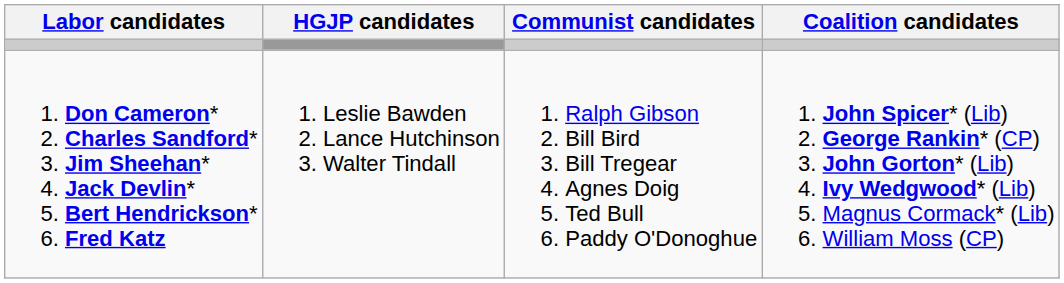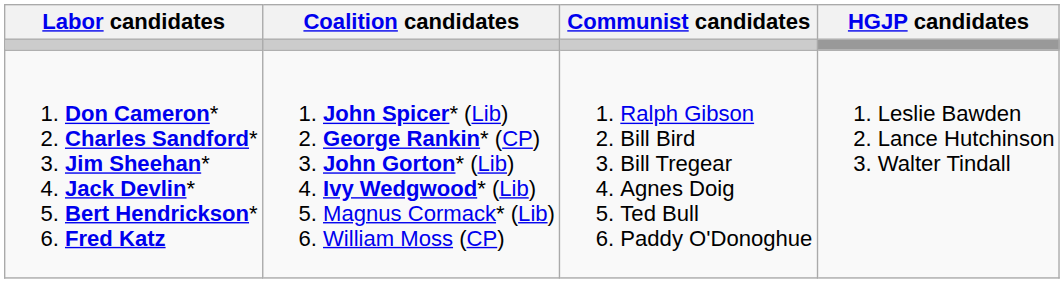 <table class="wikitable">
 <tr>
 <th><a href='#'>Labor</a> candidates</th>
+<th><a href='#'>Coalition</a> candidates</th>
+<th><a href='#'>Communist</a> candidates</th>
 <th><a href='#'>HGJP</a> candidates</th>
-<th><a href='#'>Communist</a> candidates</th>
-<th><a href='#'>Coalition</a> candidates</th>
 </tr>
 <tr bgcolor="#cccccc">
 <td></td>
-<td bgcolor="#999999"></td>
 <td></td>
 <td></td>
+<td bgcolor="#999999"></td>
 </tr>
 <tr>
 <td><br><ol><li><strong><a href='#'>Don Cameron</a></strong>*</li><li><strong><a href='#'>Charles Sandford</a></strong>*</li><li><strong><a href='#'>Jim Sheehan</a></strong>*</li><li><strong><a href='#'>Jack Devlin</a></strong>*</li><li><strong><a href='#'>Bert Hendrickson</a></strong>*</li><li><strong><a href='#'>Fred Katz</a></strong></li></ol></td>
+<td><br><ol><li><strong><a href='#'>John Spicer</a></strong>* (<a href='#'>Lib</a>)</li><li><strong><a href='#'>George Rankin</a></strong>* (<a href='#'>CP</a>)</li><li><strong><a href='#'>John Gorton</a></strong>* (<a href='#'>Lib</a>)</li><li><strong><a href='#'>Ivy Wedgwood</a></strong>* (<a href='#'>Lib</a>)</li><li><a href='#'>Magnus Cormack</a>* (<a href='#'>Lib</a>)</li><li><a href='#'>William Moss</a> (<a href='#'>CP</a>)</li></ol></td>
+<td valign=top><br><ol><li><a href='#'>Ralph Gibson</a></li><li>Bill Bird</li><li>Bill Tregear</li><li>Agnes Doig</li><li>Ted Bull</li><li>Paddy O'Donoghue</li></ol></td>
 <td valign=top><br><ol><li>Leslie Bawden</li><li>Lance Hutchinson</li><li>Walter Tindall</li></ol></td>
-<td valign=top><br><ol><li><a href='#'>Ralph Gibson</a></li><li>Bill Bird</li><li>Bill Tregear</li><li>Agnes Doig</li><li>Ted Bull</li><li>Paddy O'Donoghue</li></ol></td>
-<td><br><ol><li><strong><a href='#'>John Spicer</a></strong>* (<a href='#'>Lib</a>)</li><li><strong><a href='#'>George Rankin</a></strong>* (<a href='#'>CP</a>)</li><li><strong><a href='#'>John Gorton</a></strong>* (<a href='#'>Lib</a>)</li><li><strong><a href='#'>Ivy Wedgwood</a></strong>* (<a href='#'>Lib</a>)</li><li><a href='#'>Magnus Cormack</a>* (<a href='#'>Lib</a>)</li><li><a href='#'>William Moss</a> (<a href='#'>CP</a>)</li></ol></td>
 </tr>
 </table>
